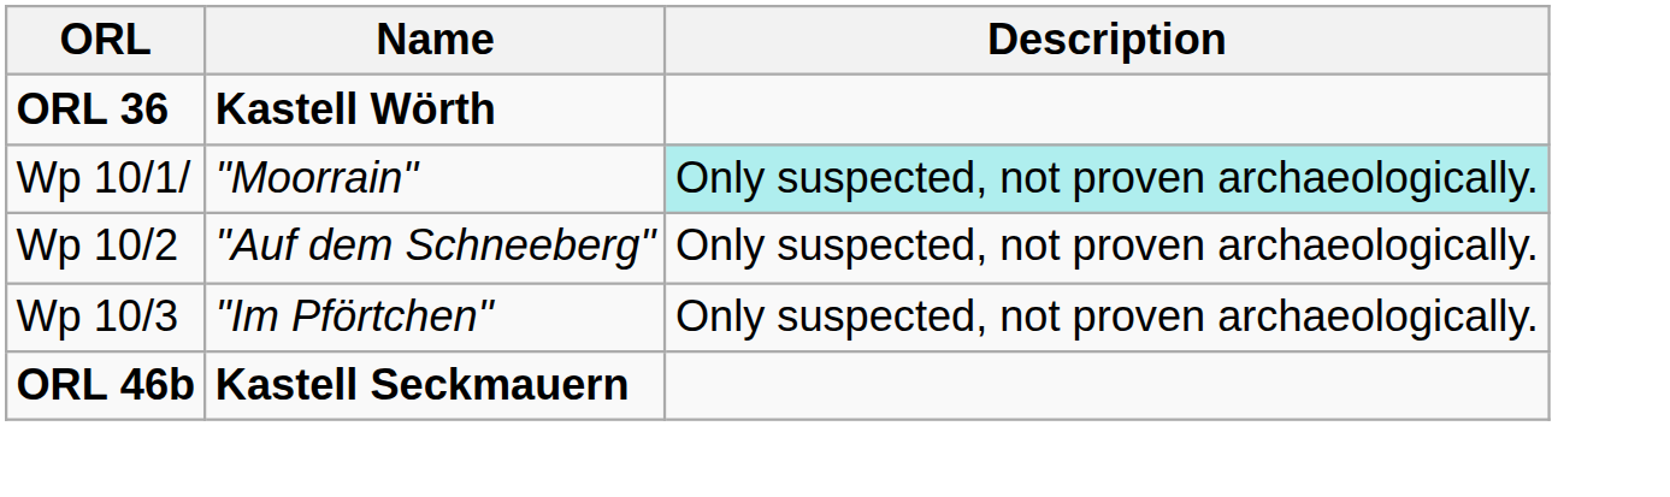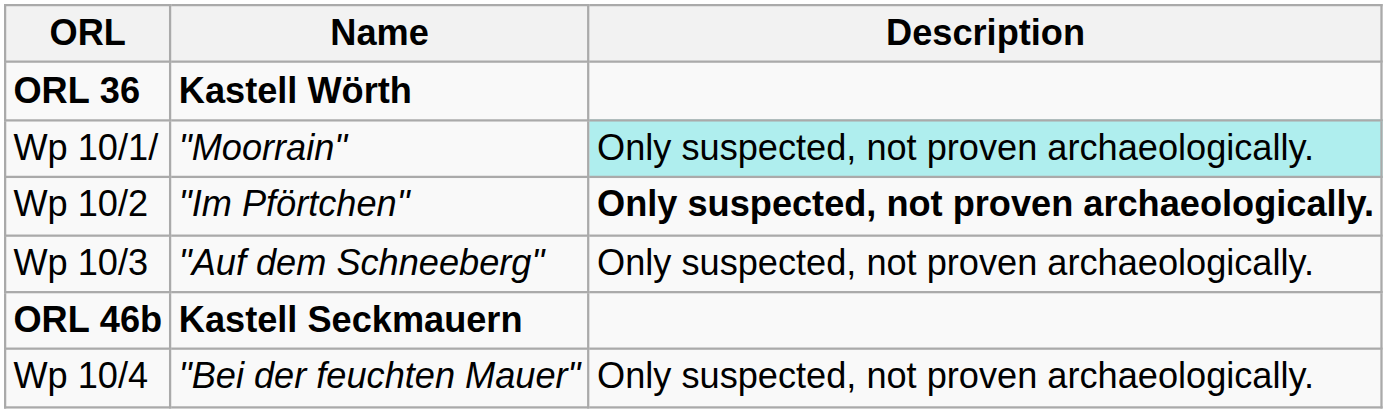 <table class="wikitable">
 <tr>
 <th>ORL</th>
 <th>Name</th>
 <th>Description</th>
 </tr>
 <tr>
 <td><strong>ORL 36</strong></td>
 <td><strong>Kastell Wörth</strong></td>
 <td></td>
 </tr>
 <tr>
 <td>Wp 10/1/</td>
 <td><em>"Moorrain"</em></td>
 <td style="background: paleturquoise;">Only suspected, not proven archaeologically.</td>
 </tr>
 <tr>
 <td>Wp 10/2</td>
-<td><em>"Auf dem Schneeberg"</em></td>
-<td>Only suspected, not proven archaeologically.</td>
+<td><em>"Im Pförtchen"</em></td>
+<td><strong>Only suspected, not proven archaeologically.</strong></td>
 </tr>
 <tr>
 <td>Wp 10/3</td>
-<td><em>"Im Pförtchen"</em></td>
+<td><em>"Auf dem Schneeberg"</em></td>
 <td>Only suspected, not proven archaeologically.</td>
 </tr>
 <tr>
 <td><strong>ORL 46b</strong></td>
 <td><strong>Kastell Seckmauern</strong></td>
 <td><br> </td>
 </tr>
+<tr>
+<td>Wp 10/4</td>
+<td><em>"Bei der feuchten Mauer"</em></td>
+<td>Only suspected, not proven archaeologically.</td>
+</tr>
 </table>
